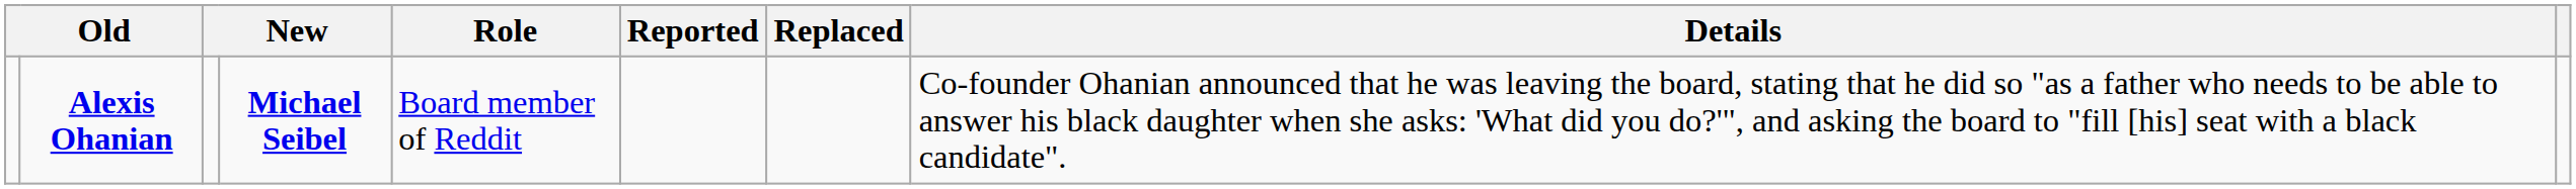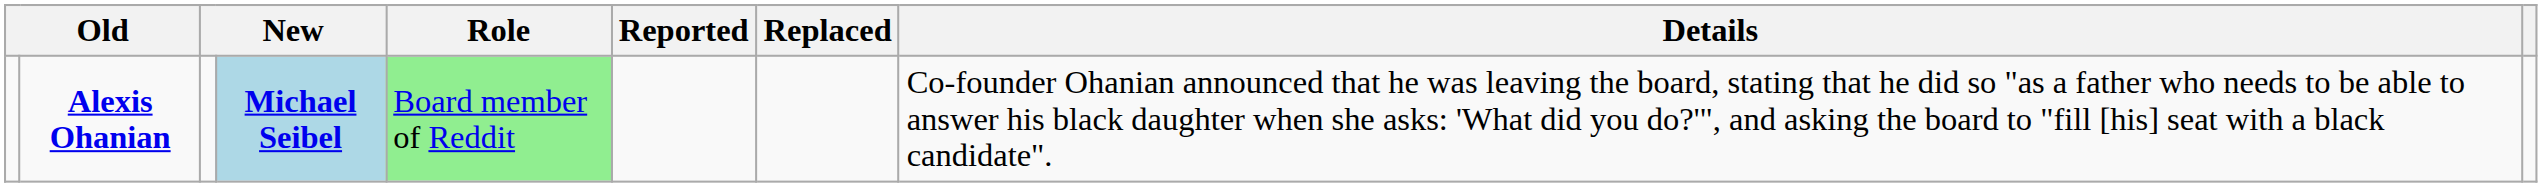 <table class="wikitable sortable" style="text-align:left">
 <tr>
 <th colspan="2">Old</th>
 <th colspan="2">New</th>
 <th>Role</th>
 <th>Reported</th>
 <th>Replaced </th>
 <th>Details</th>
 <th class="unsortable"></th>
 </tr>
 <tr>
 <td></td>
 <td style="text-align: center; font-weight: bold"><a href='#'>Alexis Ohanian</a></td>
 <td></td>
-<td style="text-align: center; font-weight: bold"><a href='#'>Michael Seibel</a></td>
-<td><a href='#'>Board member</a> of <a href='#'>Reddit</a></td>
+<td style="background: lightblue; text-align: center; font-weight: bold"><a href='#'>Michael Seibel</a></td>
+<td style="background: lightgreen;"><a href='#'>Board member</a> of <a href='#'>Reddit</a></td>
 <td></td>
 <td></td>
 <td>Co-founder Ohanian announced that he was leaving the board, stating that he did so "as a father who needs to be able to answer his black daughter when she asks: 'What did you do?'", and asking the board to "fill [his] seat with a black candidate".</td>
 <td><br><br></td>
 </tr>
 </table>
